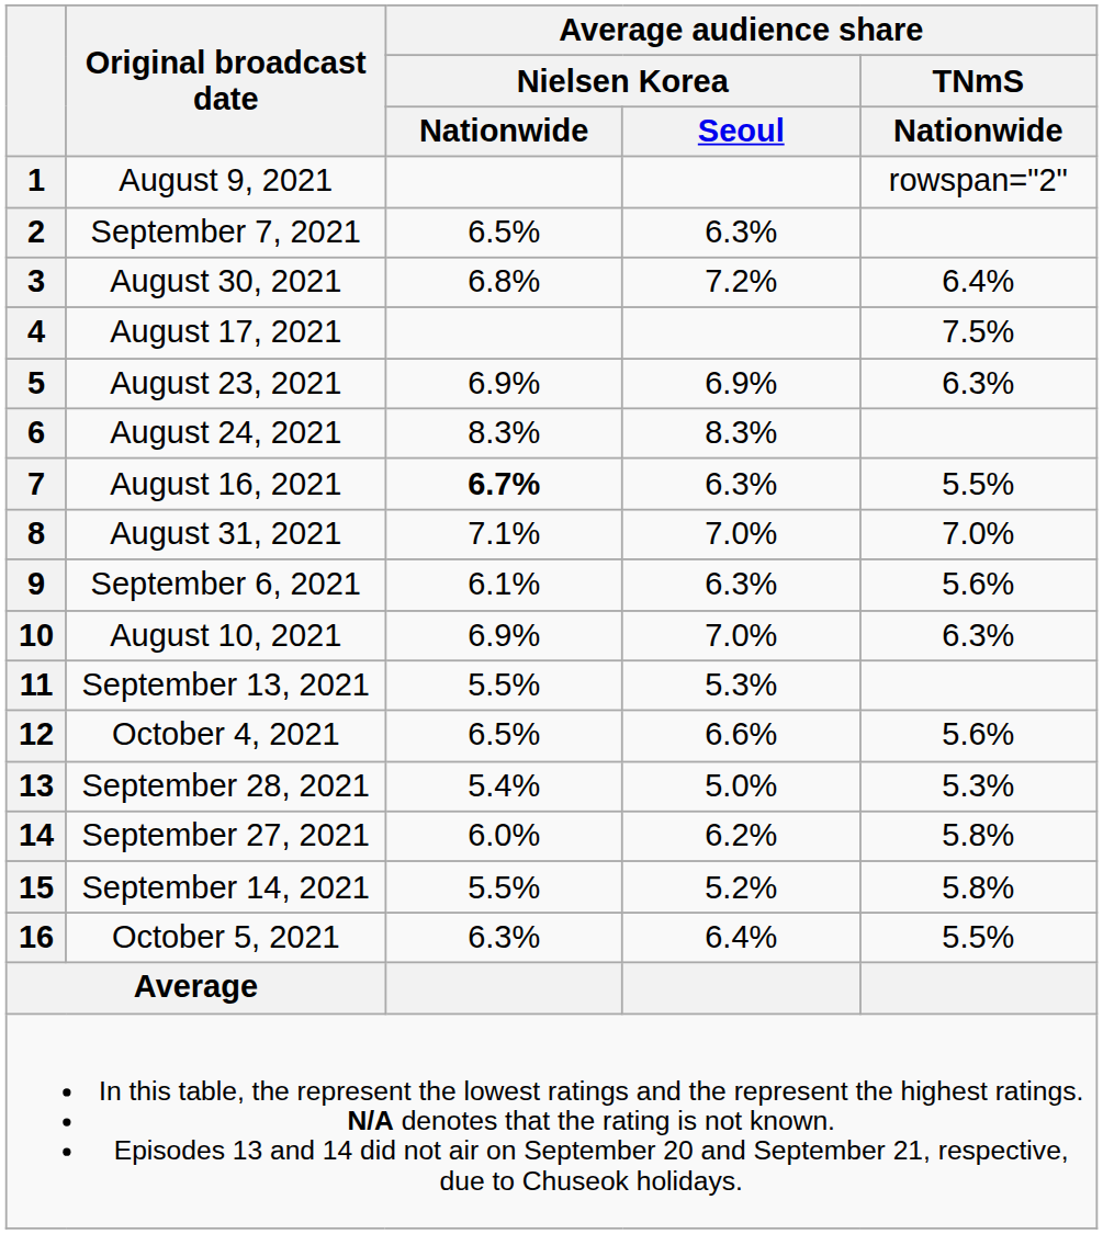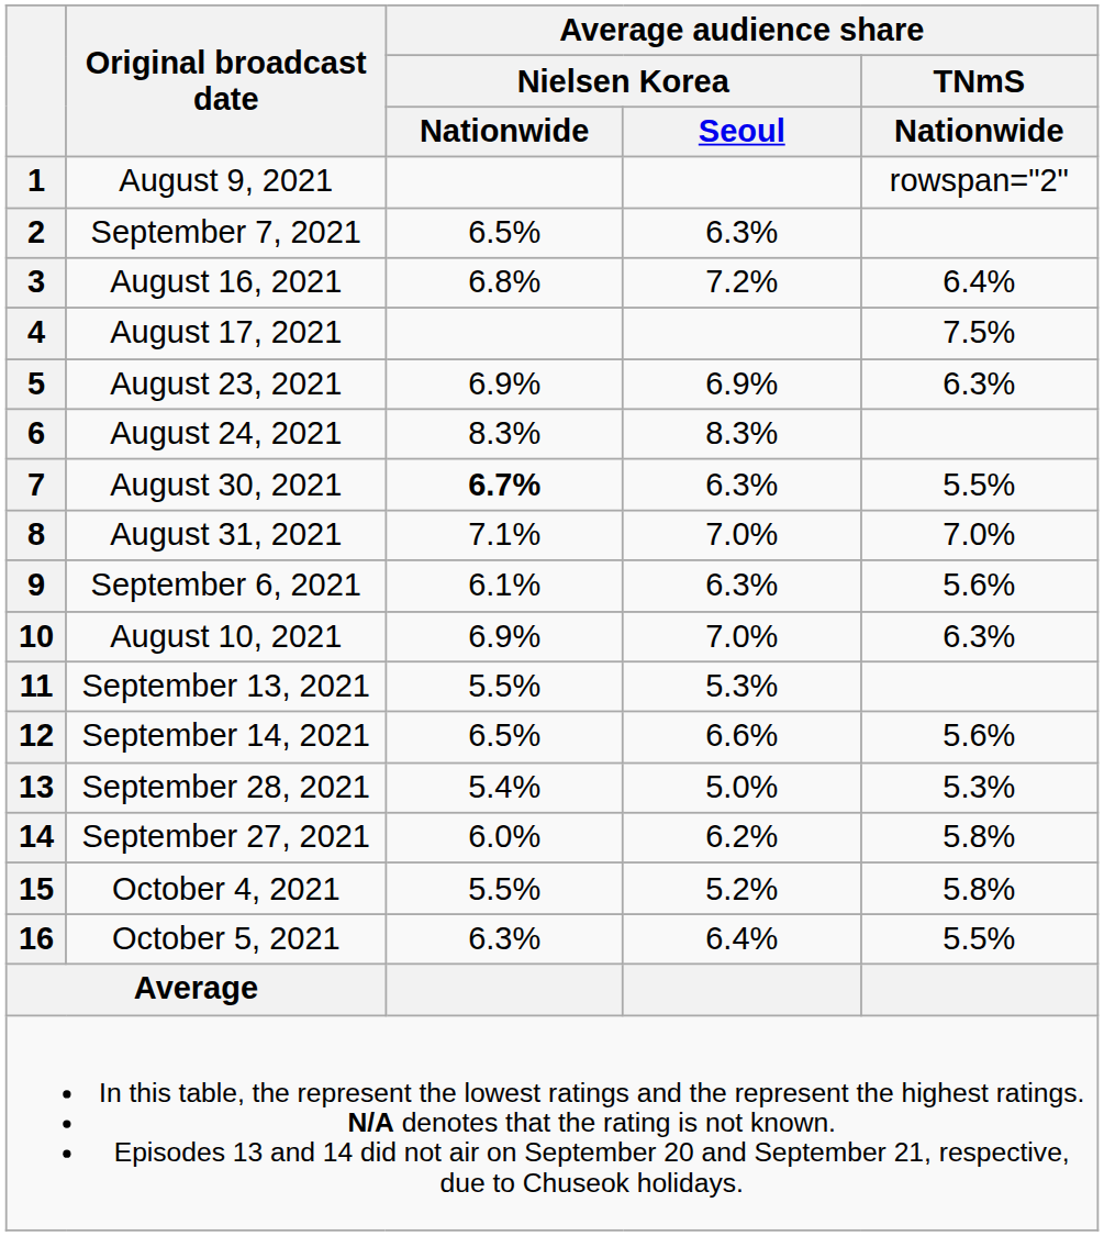 <table class="wikitable" style="text-align:center; max-width:550px; margin-left: auto; margin-right: auto">
 <tr>
 <th rowspan="3"></th>
 <th rowspan="3">Original broadcast date</th>
 <th colspan="3">Average audience share</th>
 </tr>
 <tr>
 <th colspan="2">Nielsen Korea</th>
 <th>TNmS</th>
 </tr>
 <tr>
 <th style="width:7em">Nationwide</th>
 <th style="width:7em"><a href='#'>Seoul</a></th>
 <th style="width:7em">Nationwide</th>
 </tr>
 <tr>
 <th>1</th>
 <td>August 9, 2021</td>
 <td><strong></strong> </td>
 <td><strong></strong> </td>
 <td>rowspan="2" </td>
 </tr>
 <tr>
 <th>2</th>
 <td>September 7, 2021</td>
 <td>6.5% </td>
 <td>6.3% </td>
 </tr>
 <tr>
 <th>3</th>
-<td>August 30, 2021</td>
+<td>August 16, 2021</td>
 <td>6.8% </td>
 <td>7.2% </td>
 <td>6.4% </td>
 </tr>
 <tr>
 <th>4</th>
 <td>August 17, 2021</td>
 <td><strong></strong> </td>
 <td><strong></strong> </td>
 <td>7.5% </td>
 </tr>
 <tr>
 <th>5</th>
 <td>August 23, 2021</td>
 <td>6.9% </td>
 <td>6.9% </td>
 <td>6.3% </td>
 </tr>
 <tr>
 <th>6</th>
 <td>August 24, 2021</td>
 <td>8.3% </td>
 <td>8.3% </td>
 <td><strong></strong> </td>
 </tr>
 <tr>
 <th>7</th>
-<td>August 16, 2021</td>
+<td>August 30, 2021</td>
 <td><strong>6.7% </strong></td>
 <td>6.3% </td>
 <td>5.5% </td>
 </tr>
 <tr>
 <th>8</th>
 <td>August 31, 2021</td>
 <td>7.1% </td>
 <td>7.0% </td>
 <td>7.0% </td>
 </tr>
 <tr>
 <th>9</th>
 <td>September 6, 2021</td>
 <td>6.1% </td>
 <td>6.3% </td>
 <td>5.6% </td>
 </tr>
 <tr>
 <th>10</th>
 <td>August 10, 2021</td>
 <td>6.9% </td>
 <td>7.0% </td>
 <td>6.3% </td>
 </tr>
 <tr>
 <th>11</th>
 <td>September 13, 2021</td>
 <td>5.5% </td>
 <td>5.3% </td>
 <td><strong></strong> </td>
 </tr>
 <tr>
 <th>12</th>
-<td>October 4, 2021</td>
+<td>September 14, 2021</td>
 <td>6.5% </td>
 <td>6.6% </td>
 <td>5.6% </td>
 </tr>
 <tr>
 <th>13</th>
 <td>September 28, 2021</td>
 <td>5.4% </td>
 <td>5.0% </td>
 <td>5.3% </td>
 </tr>
 <tr>
 <th>14</th>
 <td>September 27, 2021</td>
 <td>6.0% </td>
 <td>6.2% </td>
 <td>5.8% </td>
 </tr>
 <tr>
 <th>15</th>
-<td>September 14, 2021</td>
+<td>October 4, 2021</td>
 <td>5.5% </td>
 <td>5.2% </td>
 <td>5.8% </td>
 </tr>
 <tr>
 <th>16</th>
 <td>October 5, 2021</td>
 <td>6.3% </td>
 <td>6.4% </td>
 <td>5.5% </td>
 </tr>
 <tr>
 <th colspan="2">Average</th>
 <th></th>
 <th></th>
 <th></th>
 </tr>
 <tr>
 <td colspan="5" style="font-size:85%"><br><ul><li>In this table, the <strong></strong> represent the lowest ratings and the <strong></strong> represent the highest ratings.</li><li><strong>N/A</strong> denotes that the rating is not known.</li><li> Episodes 13 and 14 did not air on September 20 and September 21, respective, due to Chuseok holidays.</li></ul></td>
 </tr>
 </table>
